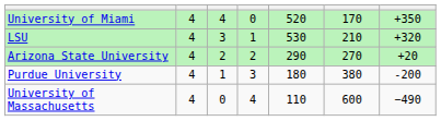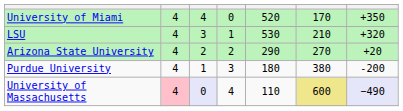 <table class="wikitable" style="text-align: center; font-size: 85%;">
 <tr>
 <th width=165></th>
 <th width=25></th>
 <th width=25></th>
 <th width=25></th>
 <th width=50></th>
 <th width=50></th>
 <th width=50></th>
 </tr>
 <tr style="background:#BBF3BB;">
 <td style="text-align:left;"><a href='#'>University of Miami</a></td>
 <td>4</td>
 <td>4</td>
 <td>0</td>
 <td>520</td>
 <td>170</td>
 <td>+350</td>
 </tr>
 <tr style="background:#BBF3BB;">
 <td style="text-align:left;"><a href='#'>LSU</a></td>
 <td>4</td>
 <td>3</td>
 <td>1</td>
 <td>530</td>
 <td>210</td>
 <td>+320</td>
 </tr>
 <tr style="background:#BBF3BB;">
 <td style="text-align:left;"><a href='#'>Arizona State University</a></td>
 <td>4</td>
 <td>2</td>
 <td>2</td>
 <td>290</td>
 <td>270</td>
 <td>+20</td>
 </tr>
 <tr>
 <td style="text-align:left;"><a href='#'>Purdue University</a></td>
 <td>4</td>
 <td>1</td>
 <td>3</td>
 <td>180</td>
 <td>380</td>
 <td>-200</td>
 </tr>
 <tr>
 <td style="text-align:left;"><a href='#'>University of Massachusetts</a></td>
-<td>4</td>
-<td>0</td>
+<td style="background: pink;">4</td>
+<td style="background: lavender;">0</td>
 <td>4</td>
 <td>110</td>
-<td>600</td>
-<td>−490</td>
+<td style="background: khaki;">600</td>
+<td style="background: lavender;">−490</td>
 </tr>
 </table>
